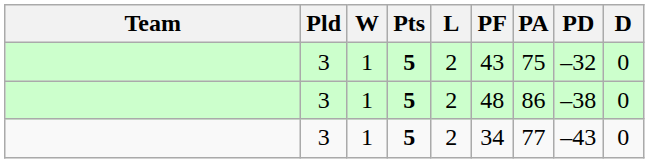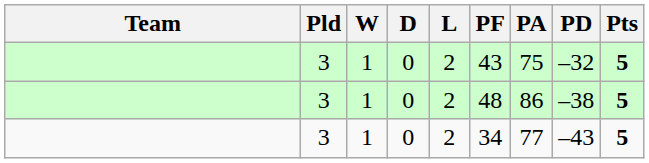 <table class="wikitable" style="text-align:center;">
 <tr>
 <th width="190">Team</th>
 <th width="20" abbr="Played">Pld</th>
 <th width="20" abbr="Won">W</th>
-<th width="20" abbr="Points">Pts</th>
+<th width="20" abbr="Drawn">D</th>
 <th width="20" abbr="Lost">L</th>
 <th width="20" abbr="Points for">PF</th>
 <th width="20" abbr="Points against">PA</th>
 <th width="25" abbr="Points difference">PD</th>
-<th width="20" abbr="Drawn">D</th>
+<th width="20" abbr="Points">Pts</th>
 </tr>
 <tr style="background:#ccffcc">
 <td align="left"></td>
 <td>3</td>
 <td>1</td>
-<td><strong>5</strong></td>
+<td>0</td>
 <td>2</td>
 <td>43</td>
 <td>75</td>
 <td>–32</td>
-<td>0</td>
+<td><strong>5</strong></td>
 </tr>
 <tr style="background:#ccffcc">
 <td align="left"></td>
 <td>3</td>
 <td>1</td>
-<td><strong>5</strong></td>
+<td>0</td>
 <td>2</td>
 <td>48</td>
 <td>86</td>
 <td>–38</td>
-<td>0</td>
+<td><strong>5</strong></td>
 </tr>
 <tr>
 <td align="left"></td>
 <td>3</td>
 <td>1</td>
-<td><strong>5</strong></td>
+<td>0</td>
 <td>2</td>
 <td>34</td>
 <td>77</td>
 <td>–43</td>
-<td>0</td>
+<td><strong>5</strong></td>
 </tr>
 </table>
